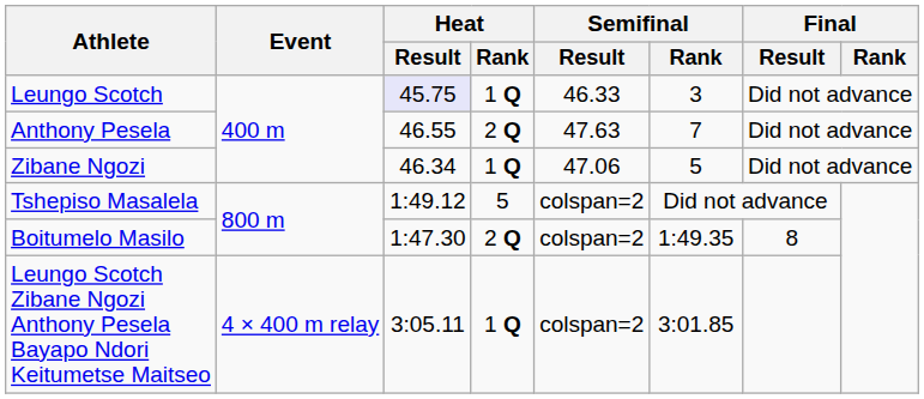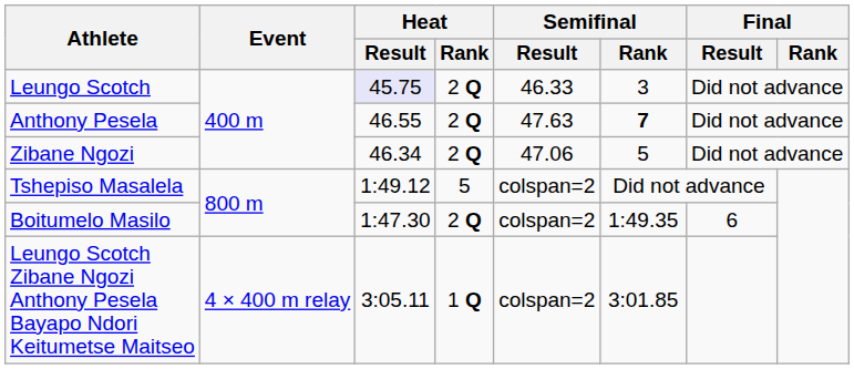 <table class="wikitable" style="font-size:90%; text-align:center">
 <tr>
 <th rowspan=2>Athlete</th>
 <th rowspan=2>Event</th>
 <th colspan=2>Heat</th>
 <th colspan=2>Semifinal</th>
 <th colspan=2>Final</th>
 </tr>
 <tr style="font-size:95%">
 <th>Result</th>
 <th>Rank</th>
 <th>Result</th>
 <th>Rank</th>
 <th>Result</th>
 <th>Rank</th>
 </tr>
 <tr>
 <td align=left><a href='#'>Leungo Scotch</a></td>
 <td align=left rowspan=3><a href='#'>400 m</a></td>
 <td style="background: lavender;">45.75</td>
-<td>1 <strong>Q</strong></td>
+<td>2 <strong>Q</strong></td>
 <td>46.33</td>
 <td>3</td>
 <td colspan=2>Did not advance</td>
 </tr>
 <tr>
 <td align=left><a href='#'>Anthony Pesela</a></td>
 <td>46.55</td>
 <td>2 <strong>Q</strong></td>
 <td>47.63</td>
-<td>7</td>
+<td><strong>7</strong></td>
 <td colspan=2>Did not advance</td>
 </tr>
 <tr>
 <td align=left><a href='#'>Zibane Ngozi</a></td>
 <td>46.34</td>
-<td>1 <strong>Q</strong></td>
+<td>2 <strong>Q</strong></td>
 <td>47.06</td>
 <td>5</td>
 <td colspan=2>Did not advance</td>
 </tr>
 <tr>
 <td align=left><a href='#'>Tshepiso Masalela</a></td>
 <td align=left rowspan=2><a href='#'>800 m</a></td>
 <td>1:49.12</td>
 <td>5</td>
 <td>colspan=2 </td>
 <td colspan=2>Did not advance</td>
 </tr>
 <tr>
 <td align=left><a href='#'>Boitumelo Masilo</a></td>
 <td>1:47.30</td>
 <td>2 <strong>Q</strong></td>
 <td>colspan=2 </td>
 <td>1:49.35</td>
-<td>8</td>
+<td>6</td>
 </tr>
 <tr>
 <td align=left><a href='#'>Leungo Scotch</a><br><a href='#'>Zibane Ngozi</a><br><a href='#'>Anthony Pesela</a><br><a href='#'>Bayapo Ndori</a><br><a href='#'>Keitumetse Maitseo</a></td>
 <td align=left><a href='#'>4 × 400 m relay</a></td>
 <td>3:05.11</td>
 <td>1 <strong>Q</strong></td>
 <td>colspan=2 </td>
 <td>3:01.85</td>
 <td></td>
 </tr>
 </table>
